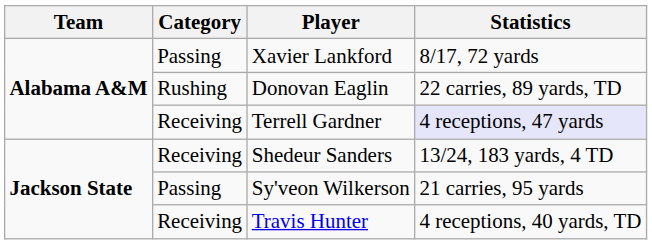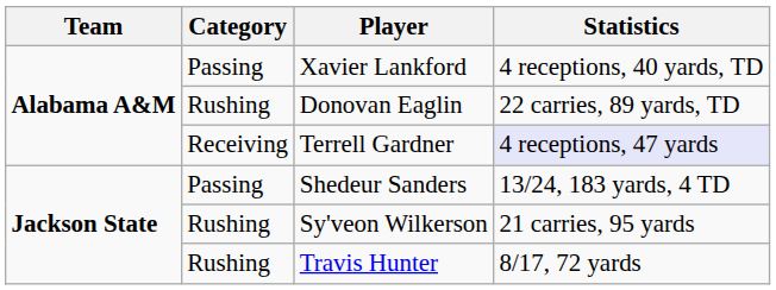 <table class="wikitable" style="float: left;">
 <tr>
 <th>Team</th>
 <th>Category</th>
 <th>Player</th>
 <th>Statistics</th>
 </tr>
 <tr>
 <td rowspan=3><strong>Alabama A&M</strong></td>
 <td>Passing</td>
 <td>Xavier Lankford</td>
-<td>8/17, 72 yards</td>
+<td>4 receptions, 40 yards, TD</td>
 </tr>
 <tr>
 <td>Rushing</td>
 <td>Donovan Eaglin</td>
 <td>22 carries, 89 yards, TD</td>
 </tr>
 <tr>
 <td>Receiving</td>
 <td>Terrell Gardner</td>
 <td style="background: lavender;">4 receptions, 47 yards</td>
 </tr>
 <tr>
 <td rowspan=3><strong>Jackson State</strong></td>
-<td>Receiving</td>
+<td>Passing</td>
 <td>Shedeur Sanders</td>
 <td>13/24, 183 yards, 4 TD</td>
 </tr>
 <tr>
-<td>Passing</td>
+<td>Rushing</td>
 <td>Sy'veon Wilkerson</td>
 <td>21 carries, 95 yards</td>
 </tr>
 <tr>
-<td>Receiving</td>
+<td>Rushing</td>
 <td><a href='#'>Travis Hunter</a></td>
-<td>4 receptions, 40 yards, TD</td>
+<td>8/17, 72 yards</td>
 </tr>
 </table>
